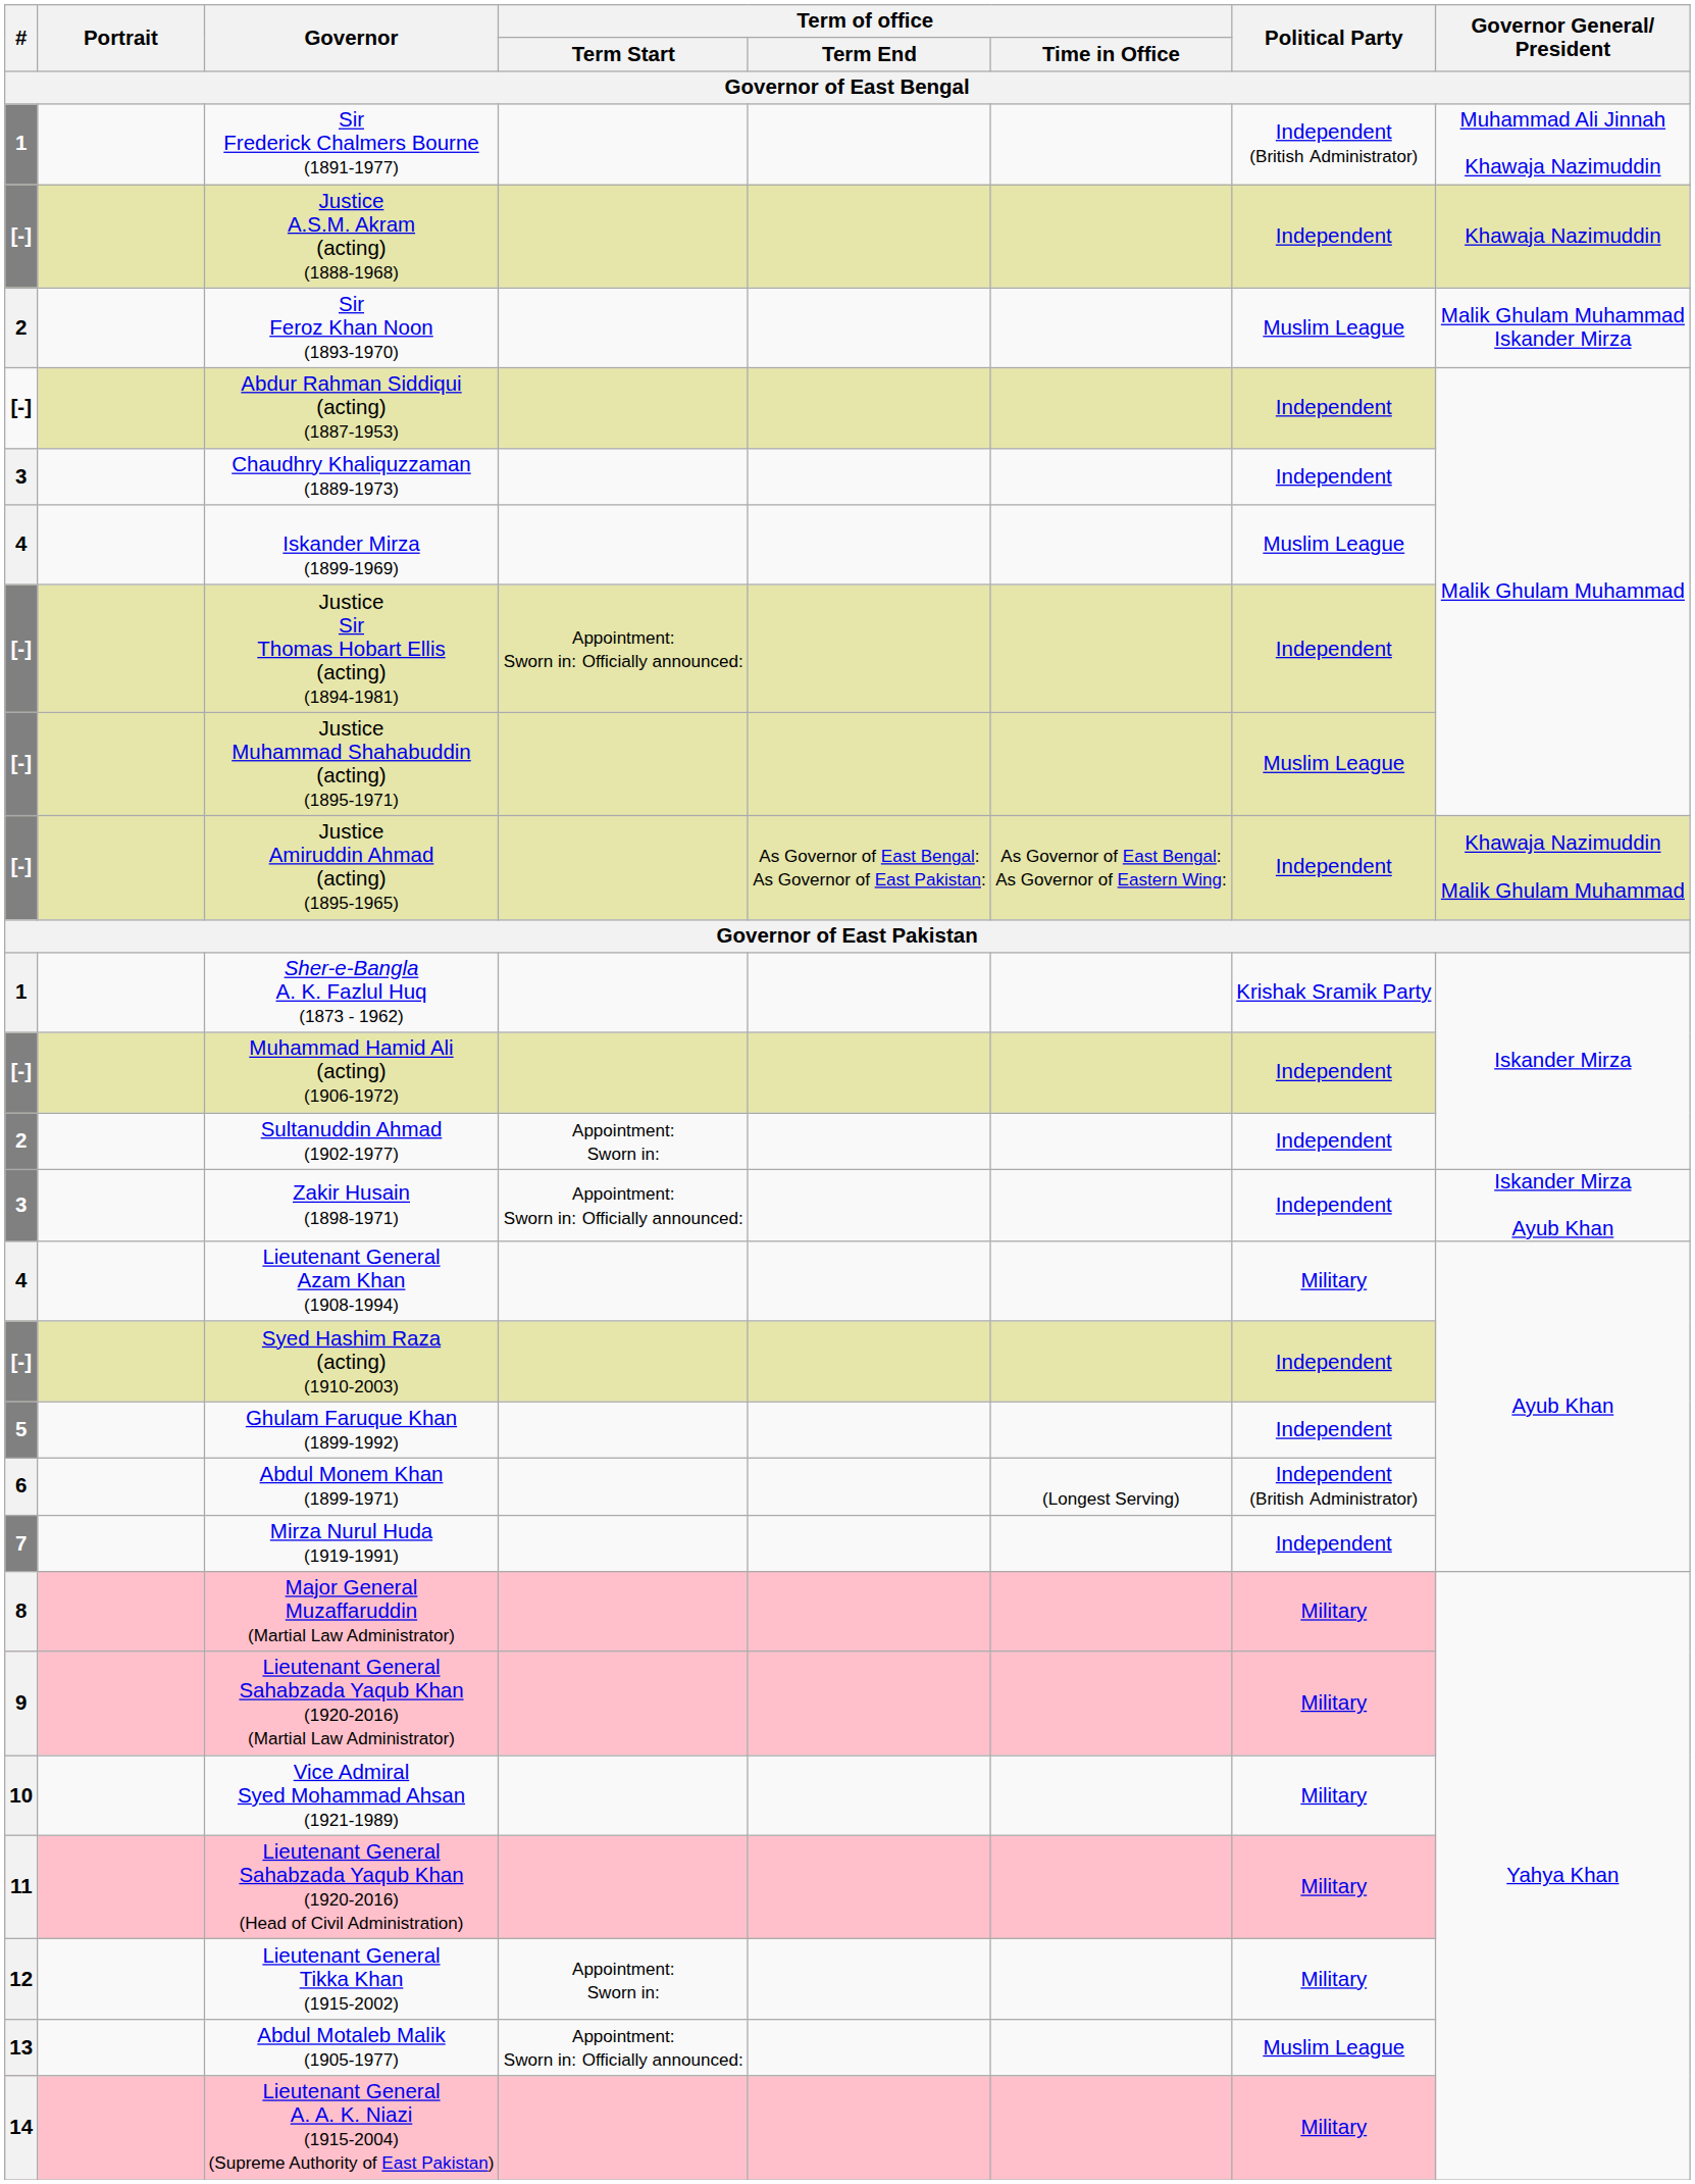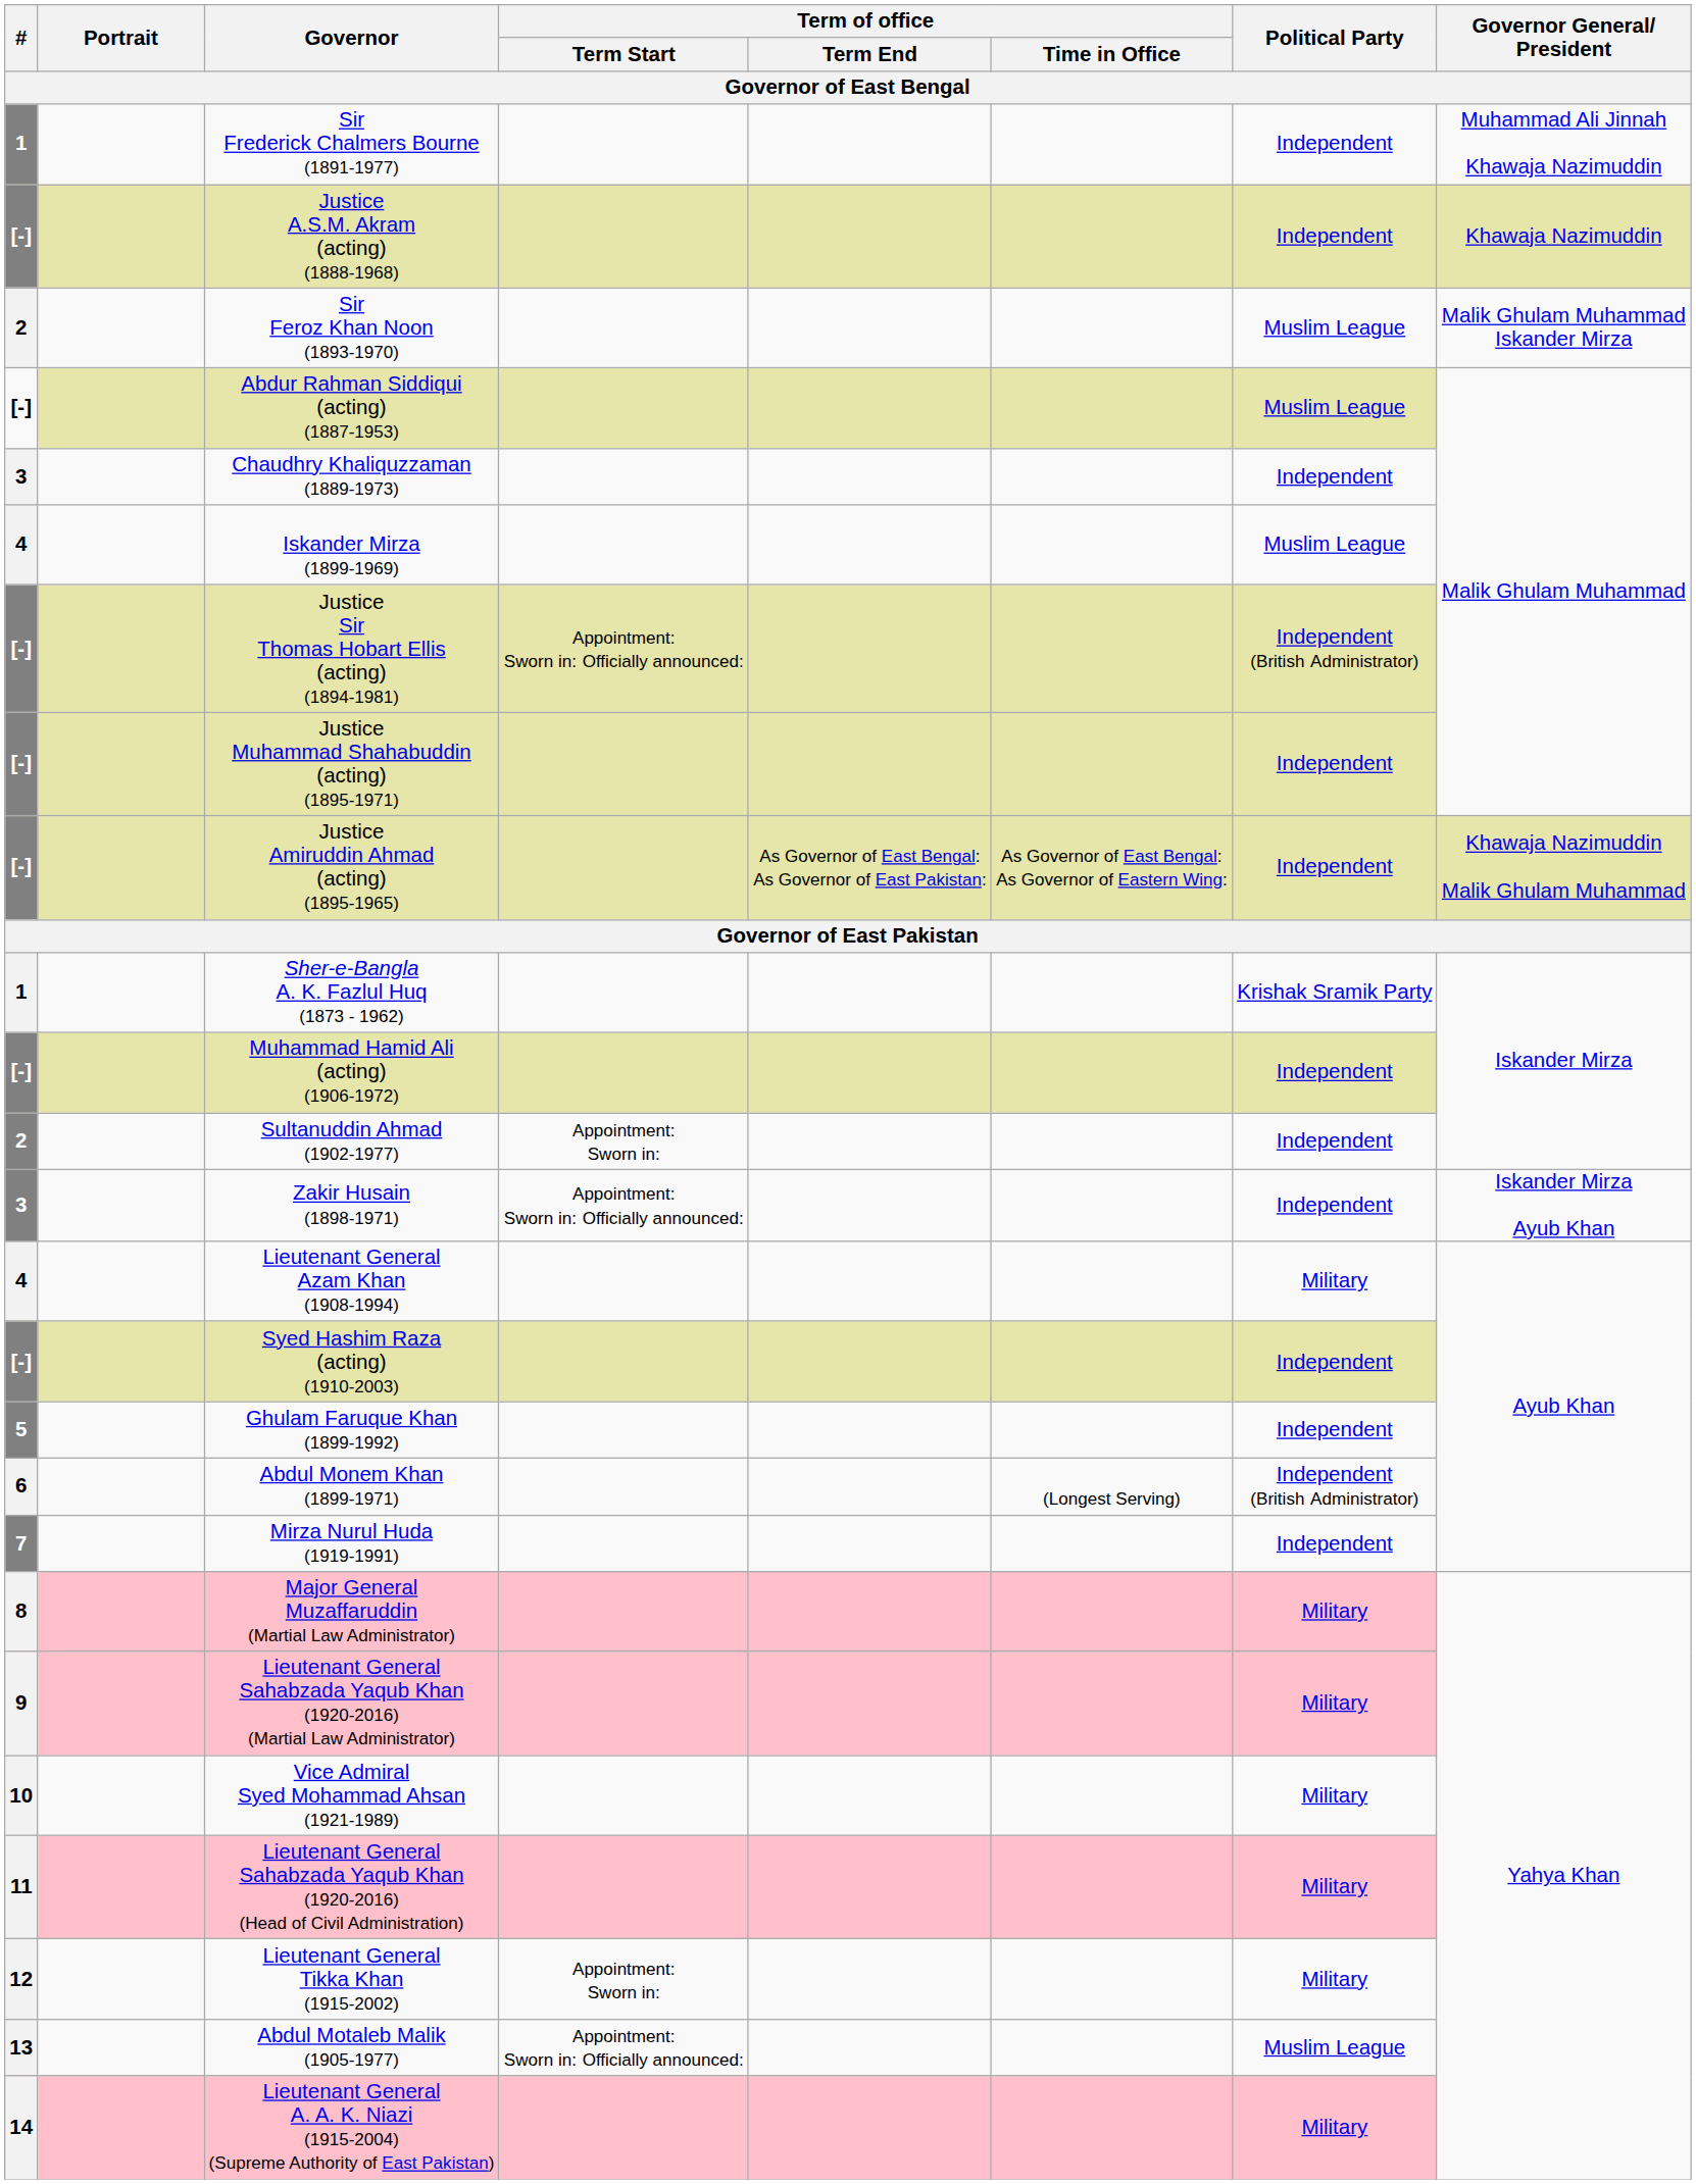 <table class="wikitable sortable" style="text-align:center">
 <tr>
 <th rowspan="2" class="unsortable">#</th>
 <th rowspan="2" class="unsortable" style="width:120px;">Portrait</th>
 <th rowspan="2">Governor</th>
 <th colspan="3">Term of office</th>
 <th rowspan="2">Political Party</th>
 <th rowspan="2">Governor General/<br>President</th>
 </tr>
 <tr>
 <th>Term Start</th>
 <th>Term End</th>
 <th>Time in Office</th>
 </tr>
 <tr>
 <th colspan="8">Governor of East Bengal</th>
 </tr>
 <tr>
 <th style="background-color: gray; color:white">1</th>
 <td></td>
 <td><a href='#'>Sir</a><br><a href='#'>Frederick Chalmers Bourne</a><br><small>(1891-1977)</small></td>
 <td></td>
 <td></td>
 <td></td>
-<td><a href='#'>Independent</a><br><small>(British</small> <small>Administrator)</small></td>
+<td><a href='#'>Independent</a></td>
 <td style="padding:0;"><div><a href='#'>Muhammad Ali Jinnah</a></div><br><div><a href='#'>Khawaja Nazimuddin</a></div></td>
 </tr>
 <tr style="background:#e6e6aa;">
 <td style="background-color:gray; color:white;"><strong>[-]</strong></td>
 <td></td>
 <td><a href='#'>Justice</a><br><a href='#'>A.S.M. Akram</a><br>(acting)<br><small>(1888-1968)</small></td>
 <td></td>
 <td></td>
 <td></td>
 <td><a href='#'>Independent</a></td>
 <td><a href='#'>Khawaja Nazimuddin</a></td>
 </tr>
 <tr>
 <th style="background-color: ">2</th>
 <td></td>
 <td><a href='#'>Sir</a><br><a href='#'>Feroz Khan Noon</a><br><small>(1893-1970)</small></td>
 <td></td>
 <td></td>
 <td></td>
 <td><a href='#'>Muslim League</a></td>
 <td><a href='#'>Malik Ghulam Muhammad</a><br><a href='#'>Iskander Mirza</a></td>
 </tr>
 <tr>
 <td style="background-color: "><strong>[-]</strong></td>
 <td style="background:#e6e6aa;"></td>
 <td style="background:#e6e6aa;"><a href='#'>Abdur Rahman Siddiqui</a><br>(acting)<br><small>(1887-1953)</small></td>
 <td style="background:#e6e6aa;"></td>
 <td style="background:#e6e6aa;"></td>
 <td style="background:#e6e6aa;"></td>
-<td style="background:#e6e6aa;"><a href='#'>Independent</a></td>
+<td style="background:#e6e6aa;"><a href='#'>Muslim League</a></td>
 <td rowspan="5"><a href='#'>Malik Ghulam Muhammad</a></td>
 </tr>
 <tr>
 <th style="background-color: ">3</th>
 <td></td>
 <td><a href='#'>Chaudhry Khaliquzzaman</a><br><small>(1889-1973)</small></td>
 <td></td>
 <td></td>
 <td></td>
 <td><a href='#'>Independent</a></td>
 </tr>
 <tr>
 <th style="background-color: ">4</th>
 <td></td>
 <td><br><a href='#'>Iskander Mirza</a><br><small>(1899-1969)</small></td>
 <td></td>
 <td></td>
 <td></td>
 <td><a href='#'>Muslim League</a></td>
 </tr>
 <tr style="background:#e6e6aa;">
 <td style="background-color:gray; color:white;"><strong>[-]</strong></td>
 <td></td>
 <td>Justice<br><a href='#'>Sir</a><br><a href='#'>Thomas Hobart Ellis</a><br>(acting)<br><small>(1894-1981)</small></td>
 <td><small>Appointment:</small><br><small>Sworn in:</small> <small>Officially announced:</small> </td>
 <td></td>
 <td></td>
-<td><a href='#'>Independent</a></td>
+<td><a href='#'>Independent</a><br><small>(British</small> <small>Administrator)</small></td>
 </tr>
 <tr>
 <th style="background-color: gray; color:white"><strong>[-]</strong></th>
 <td style="background:#e6e6aa;"></td>
 <td style="background:#e6e6aa;">Justice<br><a href='#'>Muhammad Shahabuddin</a><br>(acting)<br><small>(1895-1971)</small></td>
 <td style="background:#e6e6aa;"></td>
 <td style="background:#e6e6aa;"></td>
 <td style="background:#e6e6aa;"></td>
-<td style="background:#e6e6aa;"><a href='#'>Muslim League</a></td>
+<td style="background:#e6e6aa;"><a href='#'>Independent</a></td>
 </tr>
 <tr style="background:#e6e6aa;">
 <td style="background-color:gray; color:white;"><strong>[-]</strong></td>
 <td></td>
 <td>Justice<br><a href='#'>Amiruddin Ahmad</a><br>(acting)<br><small>(1895-1965)</small></td>
 <td></td>
 <td><small>As Governor of <a href='#'>East Bengal</a>:</small><br><small>As Governor of <a href='#'>East Pakistan</a></small><small>:</small><br></td>
 <td><small>As Governor of <a href='#'>East Bengal</a>:</small><br><small>As Governor of <a href='#'>Eastern Wing</a>:</small> </td>
 <td><a href='#'>Independent</a></td>
 <td style="padding:0;"><div><a href='#'>Khawaja Nazimuddin</a></div><br><div><a href='#'>Malik Ghulam Muhammad</a></div></td>
 </tr>
 <tr>
 <th colspan="8">Governor of East Pakistan</th>
 </tr>
 <tr>
 <th style="background-color: ">1</th>
 <td></td>
 <td><em><a href='#'>Sher-e-Bangla</a></em><br><a href='#'>A. K. Fazlul Huq</a><br><small>(1873 - 1962)</small></td>
 <td></td>
 <td></td>
 <td></td>
 <td><a href='#'>Krishak Sramik Party</a></td>
 <td rowspan="3"><a href='#'>Iskander Mirza</a></td>
 </tr>
 <tr style="background:#e6e6aa;">
 <th style="background-color: gray; color:white"><strong>[-]</strong></th>
 <td></td>
 <td><a href='#'>Muhammad Hamid Ali</a><br>(acting)<br><small>(1906-1972)</small></td>
 <td></td>
 <td></td>
 <td></td>
 <td><a href='#'>Independent</a></td>
 </tr>
 <tr>
 <th style="background-color: gray; color:white">2</th>
 <td></td>
 <td><a href='#'>Sultanuddin Ahmad</a><br><small>(1902-1977)</small></td>
 <td><small>Appointment:</small><br><small>Sworn in:</small> </td>
 <td></td>
 <td></td>
 <td><a href='#'>Independent</a></td>
 </tr>
 <tr>
 <th style="background-color: gray; color:white">3</th>
 <td></td>
 <td><a href='#'>Zakir Husain</a><br><small>(1898-1971)</small></td>
 <td><small>Appointment:</small><br><small>Sworn in:</small> <small>Officially announced:</small> </td>
 <td></td>
 <td></td>
 <td><a href='#'>Independent</a></td>
 <td style="padding:0;"><div><a href='#'>Iskander Mirza</a></div><br><div><a href='#'>Ayub Khan</a></div></td>
 </tr>
 <tr>
 <th style="background-color: ">4<br></th>
 <td></td>
 <td><a href='#'>Lieutenant General</a><br><a href='#'>Azam Khan</a><br><small>(1908-1994)</small></td>
 <td></td>
 <td></td>
 <td></td>
 <td><a href='#'>Military</a></td>
 <td rowspan="5"><a href='#'>Ayub Khan</a></td>
 </tr>
 <tr style="background:#e6e6aa;">
 <td style="background-color:gray; color:white;"><strong>[-]</strong></td>
 <td></td>
 <td><a href='#'>Syed Hashim Raza</a><br>(acting)<br><small>(1910-2003)</small></td>
 <td></td>
 <td></td>
 <td></td>
 <td><a href='#'>Independent</a></td>
 </tr>
 <tr>
 <th style="background-color: gray; color:white">5</th>
 <td></td>
 <td><a href='#'>Ghulam Faruque Khan</a><br><small>(1899-1992)</small></td>
 <td></td>
 <td></td>
 <td></td>
 <td><a href='#'>Independent</a></td>
 </tr>
 <tr>
 <th style="background-color: ">6</th>
 <td></td>
 <td><a href='#'>Abdul Monem Khan</a><br><small>(1899-1971)</small></td>
 <td></td>
 <td></td>
 <td><br><small>(Longest Serving)</small></td>
 <td><a href='#'>Independent</a><br><small>(British</small> <small>Administrator)</small></td>
 </tr>
 <tr>
 <th style="background-color: gray; color:white">7</th>
 <td></td>
 <td><a href='#'>Mirza Nurul Huda</a><br><small>(1919-1991)</small></td>
 <td></td>
 <td></td>
 <td></td>
 <td><a href='#'>Independent</a></td>
 </tr>
 <tr>
 <th style="background-color: ">8<br></th>
 <td style="background-color: pink;"></td>
 <td style="background-color: pink;"><a href='#'>Major General</a><br><a href='#'>Muzaffaruddin</a><br><small>(Martial Law Administrator)</small></td>
 <td style="background-color: pink;"></td>
 <td style="background-color: pink;"></td>
 <td style="background-color: pink;"></td>
 <td style="background-color: pink;"><a href='#'>Military</a></td>
 <td rowspan="7"><a href='#'>Yahya Khan</a></td>
 </tr>
 <tr style="background-color: pink;">
 <th style="background-color: ">9<br></th>
 <td></td>
 <td><a href='#'>Lieutenant General</a><br><a href='#'>Sahabzada Yaqub Khan</a><br><small>(1920-2016)</small><br><small>(Martial Law Administrator)</small></td>
 <td></td>
 <td></td>
 <td></td>
 <td><a href='#'>Military</a></td>
 </tr>
 <tr>
 <th style="background-color: ">10<br></th>
 <td></td>
 <td><a href='#'>Vice Admiral</a><br><a href='#'>Syed Mohammad Ahsan</a><br><small>(1921-1989)</small></td>
 <td></td>
 <td></td>
 <td></td>
 <td><a href='#'>Military</a></td>
 </tr>
 <tr style="background-color: pink;">
 <th style="background-color: ">11<br></th>
 <td></td>
 <td><a href='#'>Lieutenant General</a><br><a href='#'>Sahabzada Yaqub Khan</a><br><small>(1920-2016)</small><br><small>(Head of Civil Administration)</small></td>
 <td></td>
 <td></td>
 <td></td>
 <td><a href='#'>Military</a></td>
 </tr>
 <tr>
 <th style="background-color: ">12<br></th>
 <td></td>
 <td><a href='#'>Lieutenant General</a><br><a href='#'>Tikka Khan</a><br><small>(1915-2002)</small></td>
 <td><small>Appointment:</small><br><small>Sworn in:</small> </td>
 <td></td>
 <td></td>
 <td><a href='#'>Military</a></td>
 </tr>
 <tr>
 <th style="background-color: ">13</th>
 <td></td>
 <td><a href='#'>Abdul Motaleb Malik</a><br><small>(1905-1977)</small></td>
 <td><small>Appointment:</small><br><small>Sworn in:</small> <small>Officially announced:</small> </td>
 <td></td>
 <td></td>
 <td><a href='#'>Muslim League</a></td>
 </tr>
 <tr style="background-color: pink;">
 <th style="background-color: ">14<br></th>
 <td></td>
 <td><a href='#'>Lieutenant General</a><br><a href='#'>A. A. K. Niazi</a><br><small>(1915-2004)</small><br><small>(Supreme Authority of <a href='#'>East Pakistan</a>)</small></td>
 <td></td>
 <td></td>
 <td></td>
 <td><a href='#'>Military</a></td>
 </tr>
 </table>
